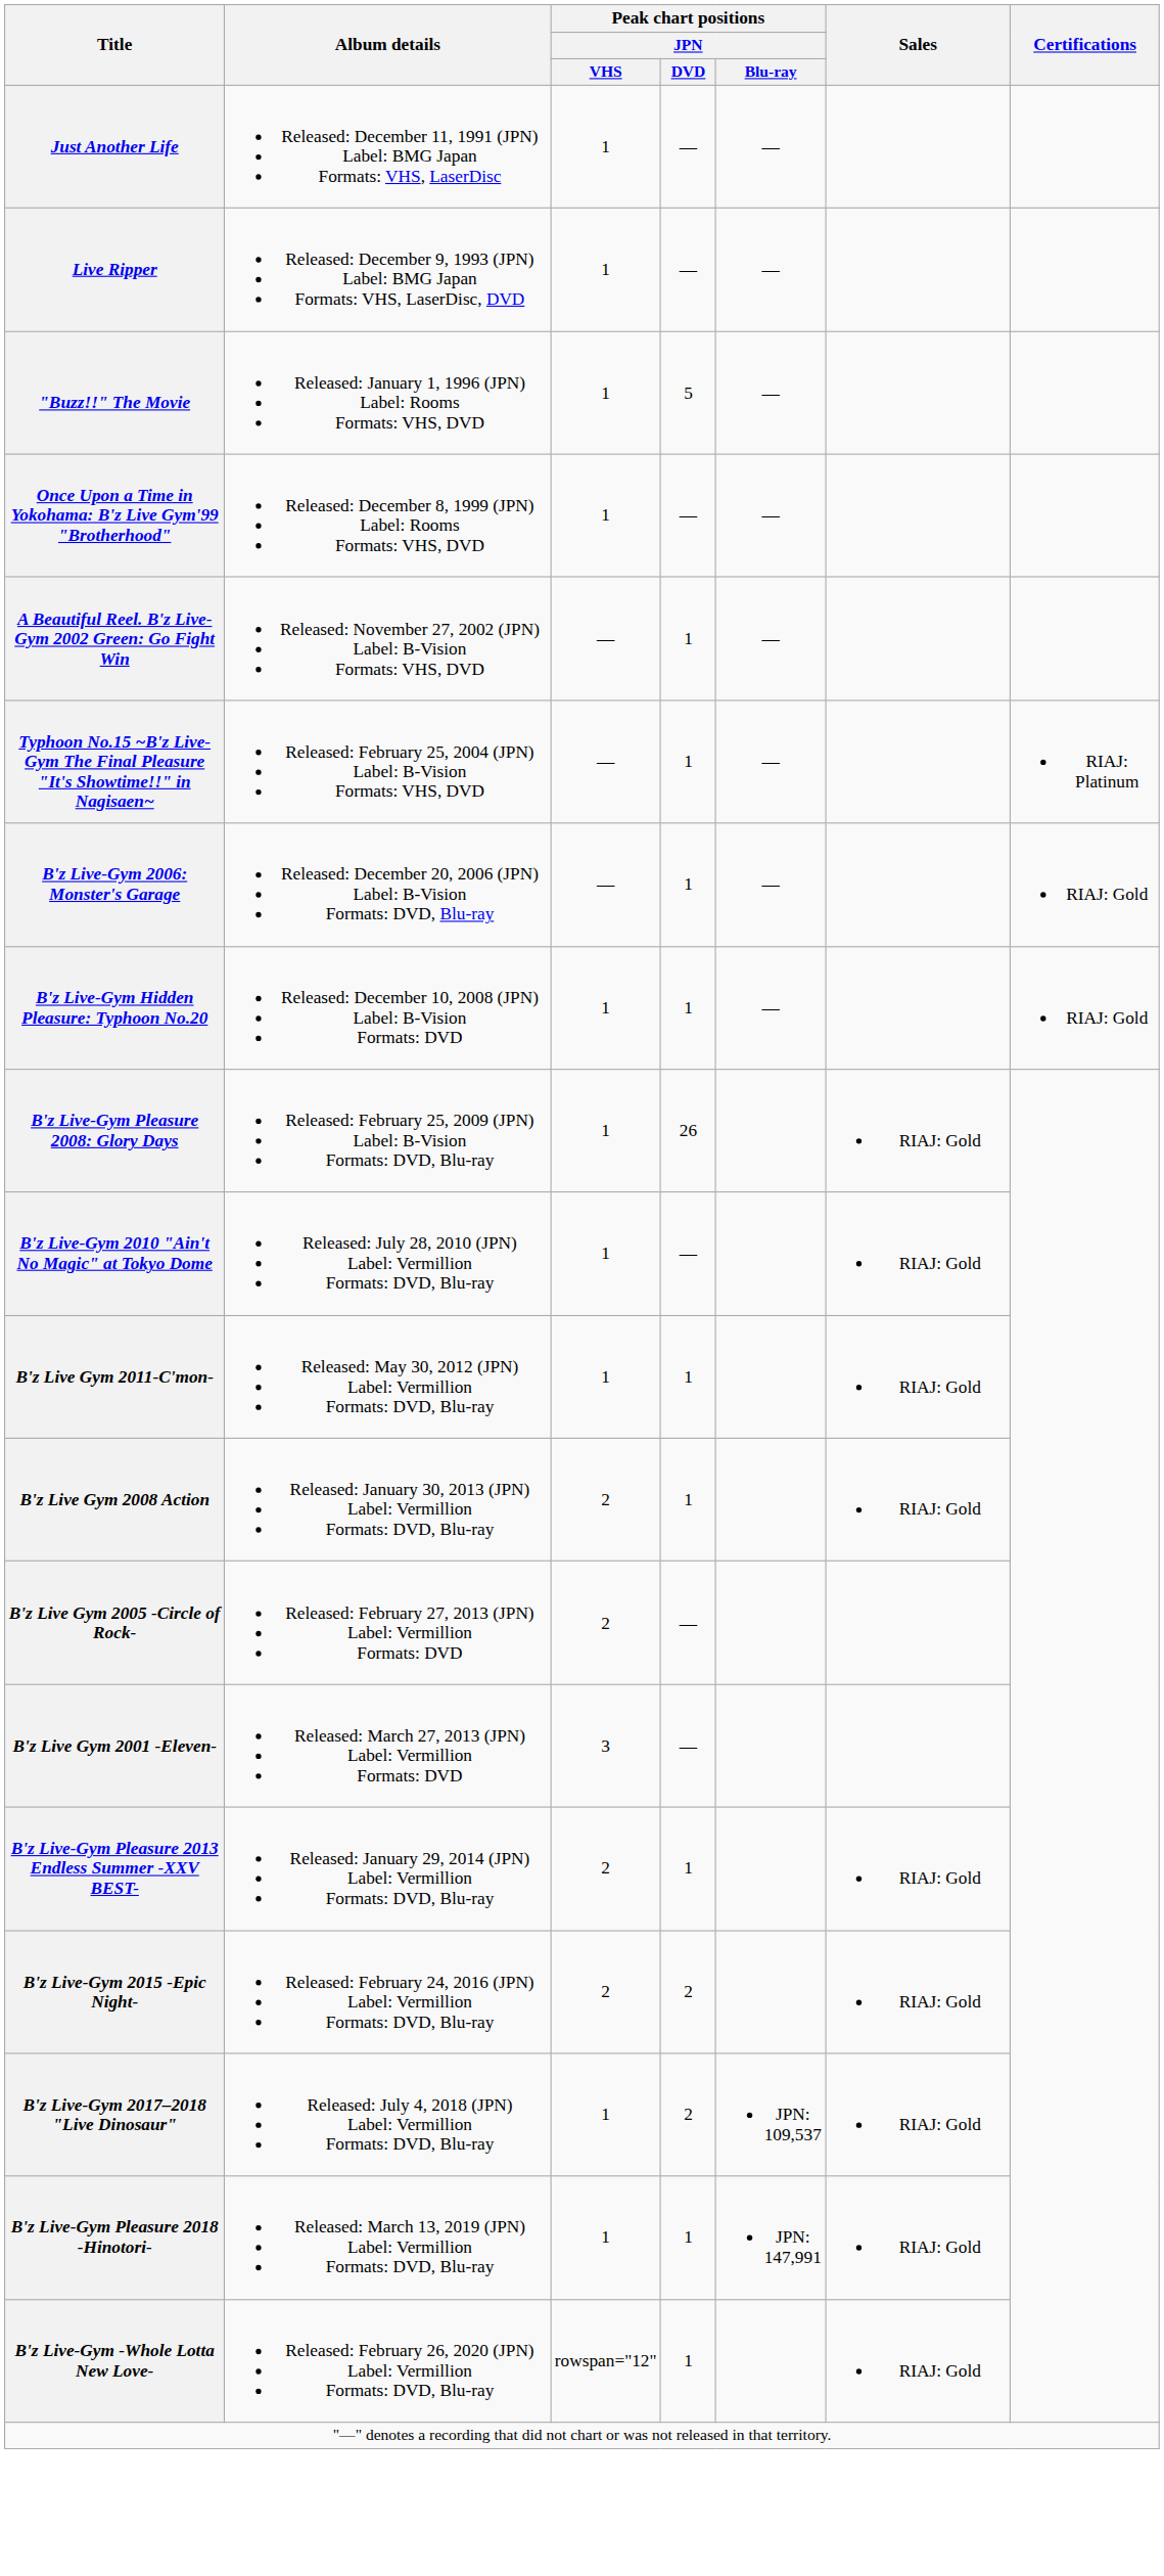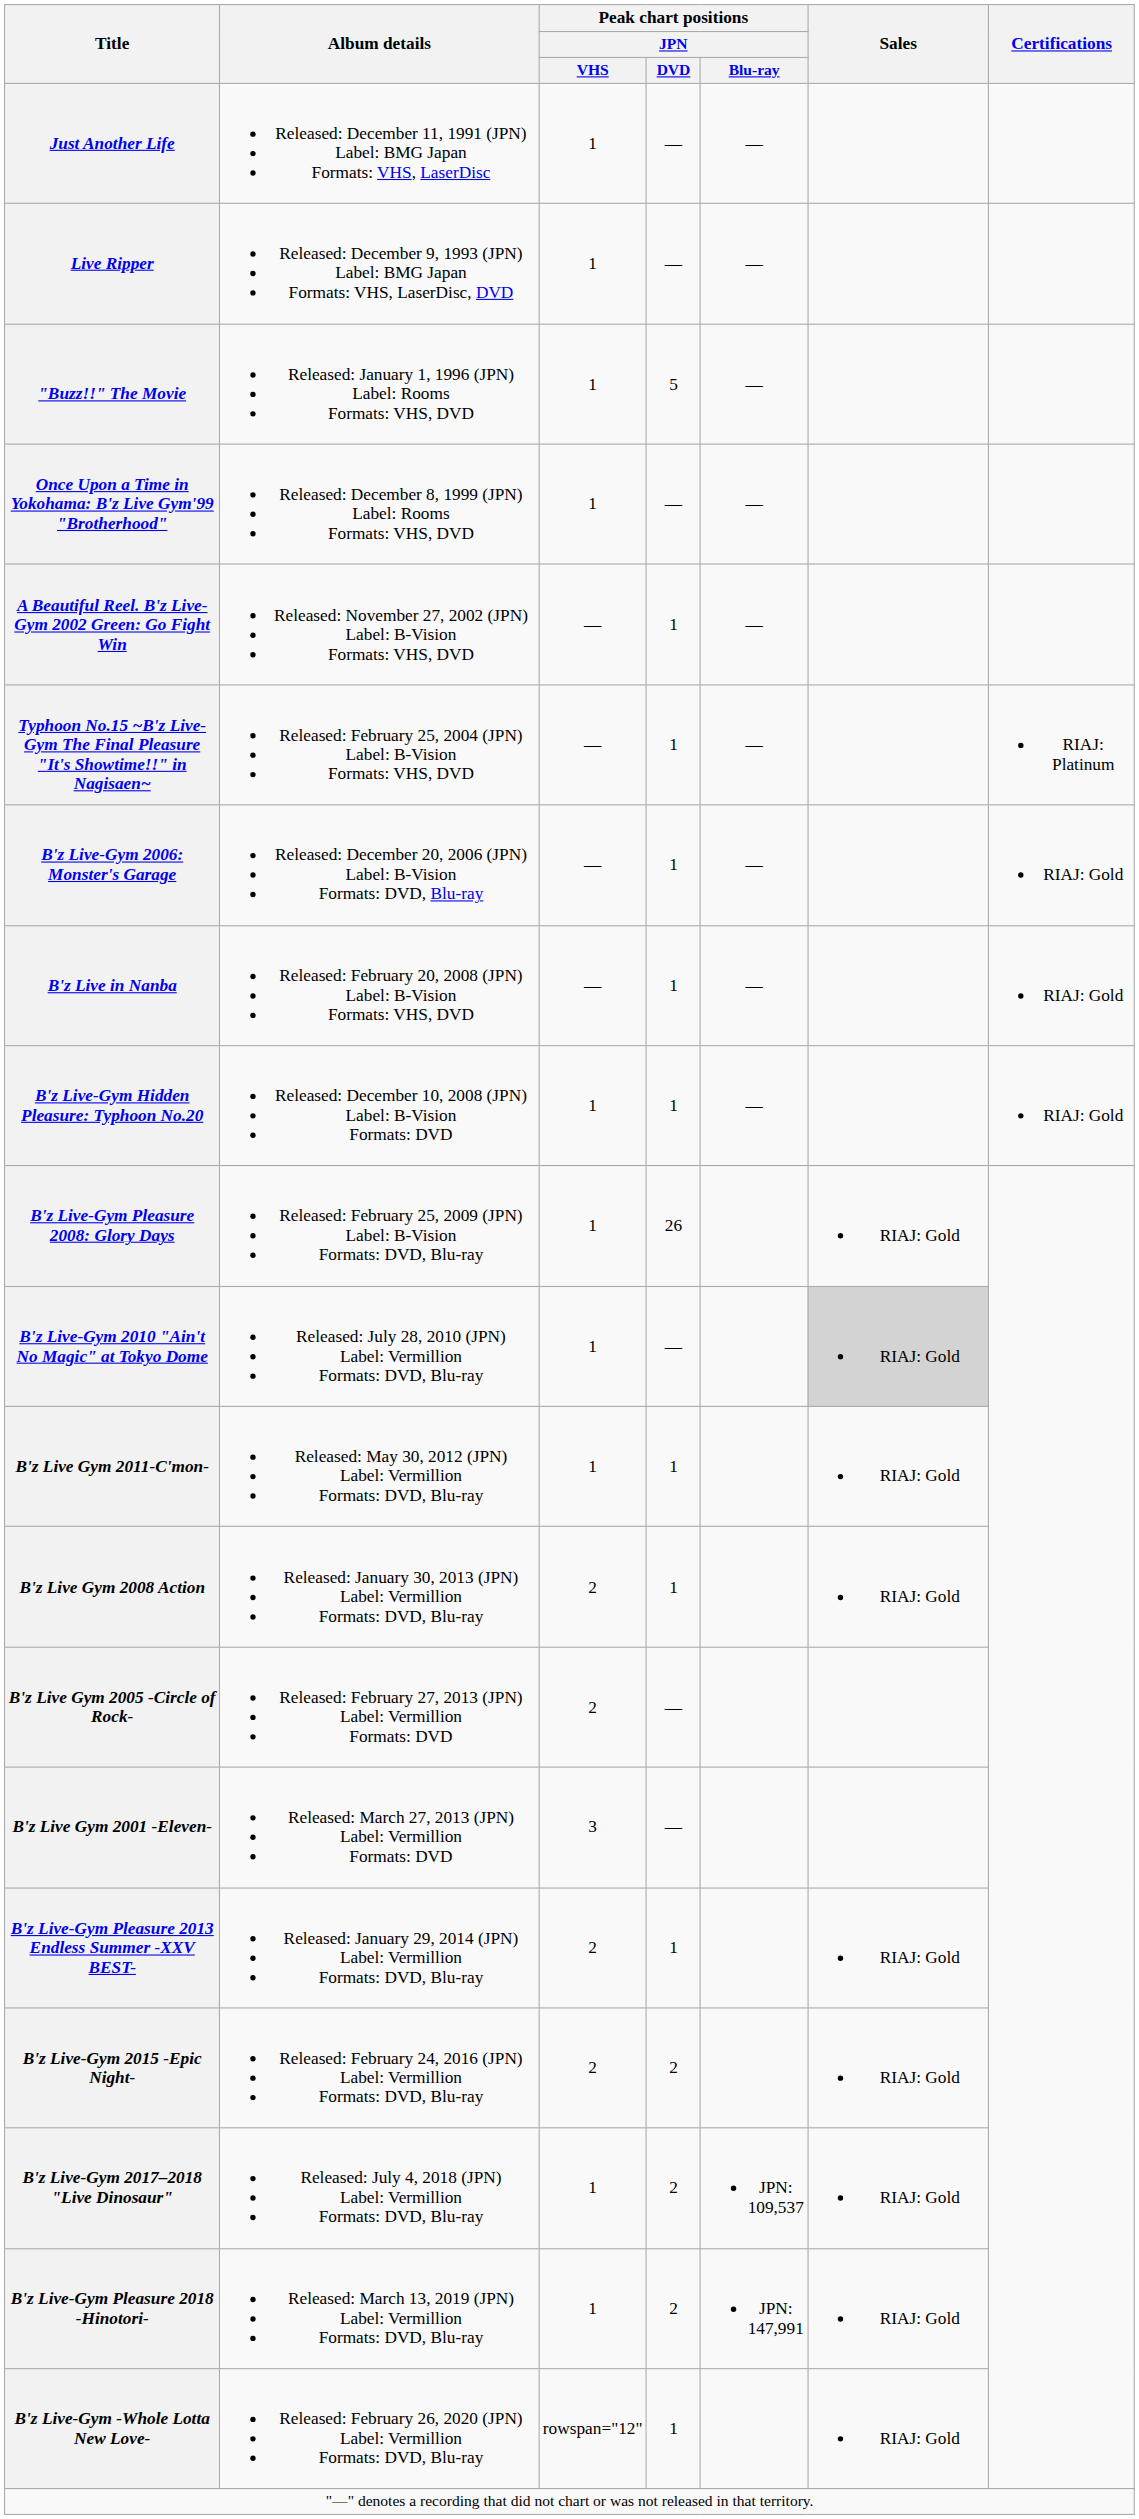 <table class="wikitable plainrowheaders" style="text-align:center;">
 <tr>
 <th scope="col" rowspan="3" style="width:12em;">Title</th>
 <th scope="col" rowspan="3" style="width:18em;">Album details</th>
 <th scope="col" colspan="3">Peak chart positions</th>
 <th scope="col" rowspan="3" style="width:10em;">Sales</th>
 <th scope="col" rowspan="3" style="width:8em;"><a href='#'>Certifications</a></th>
 </tr>
 <tr>
 <th scope="col" style="width:3em; font-size:90%" colspan="3"><a href='#'>JPN</a></th>
 </tr>
 <tr>
 <th style="width:3em; font-size:90%"><a href='#'>VHS</a></th>
 <th style="width:3em; font-size:90%"><a href='#'>DVD</a><br></th>
 <th style="width:3em; font-size:90%"><a href='#'>Blu-ray</a><br></th>
 </tr>
 <tr>
 <th scope="row"><em><a href='#'>Just Another Life</a></em></th>
 <td><br><ul><li>Released: December 11, 1991 (JPN)</li><li>Label: BMG Japan</li><li>Formats: <a href='#'>VHS</a>, <a href='#'>LaserDisc</a></li></ul></td>
 <td>1</td>
 <td>—</td>
 <td>—</td>
 <td></td>
 <td></td>
 </tr>
 <tr>
 <th scope="row"><em><a href='#'>Live Ripper</a></em></th>
 <td><br><ul><li>Released: December 9, 1993 (JPN)</li><li>Label: BMG Japan</li><li>Formats: VHS, LaserDisc, <a href='#'>DVD</a></li></ul></td>
 <td>1</td>
 <td>—</td>
 <td>—</td>
 <td></td>
 <td></td>
 </tr>
 <tr>
 <th scope="row"><br><em><a href='#'>"Buzz!!" The Movie</a></em></th>
 <td><br><ul><li>Released: January 1, 1996 (JPN)</li><li>Label: Rooms</li><li>Formats: VHS, DVD</li></ul></td>
 <td>1</td>
 <td>5</td>
 <td>—</td>
 <td></td>
 <td></td>
 </tr>
 <tr>
 <th scope="row"><em><a href='#'>Once Upon a Time in Yokohama: B'z Live Gym'99 "Brotherhood"</a></em></th>
 <td><br><ul><li>Released: December 8, 1999 (JPN)</li><li>Label: Rooms</li><li>Formats: VHS, DVD</li></ul></td>
 <td>1</td>
 <td>—</td>
 <td>—</td>
 <td></td>
 <td></td>
 </tr>
 <tr>
 <th scope="row"><em><a href='#'>A Beautiful Reel. B'z Live-Gym 2002 Green: Go Fight Win</a></em></th>
 <td><br><ul><li>Released: November 27, 2002 (JPN)</li><li>Label: B-Vision</li><li>Formats: VHS, DVD</li></ul></td>
 <td>—</td>
 <td>1</td>
 <td>—</td>
 <td></td>
 <td></td>
 </tr>
 <tr>
 <th scope="row"><br><em><a href='#'>Typhoon No.15 ~B'z Live-Gym The Final Pleasure "It's Showtime!!" in Nagisaen~</a></em></th>
 <td><br><ul><li>Released: February 25, 2004 (JPN)</li><li>Label: B-Vision</li><li>Formats: VHS, DVD</li></ul></td>
 <td>—</td>
 <td>1</td>
 <td>—</td>
 <td></td>
 <td><br><ul><li>RIAJ: Platinum</li></ul></td>
 </tr>
 <tr>
 <th scope="row"><em><a href='#'>B'z Live-Gym 2006: Monster's Garage</a></em></th>
 <td><br><ul><li>Released: December 20, 2006 (JPN)</li><li>Label: B-Vision</li><li>Formats: DVD, <a href='#'>Blu-ray</a></li></ul></td>
 <td>—</td>
 <td>1</td>
 <td>—</td>
 <td></td>
 <td><br><ul><li>RIAJ: Gold</li></ul></td>
 </tr>
 <tr>
+<th scope="row"><em><a href='#'>B'z Live in Nanba</a></em></th>
+<td><br><ul><li>Released: February 20, 2008 (JPN)</li><li>Label: B-Vision</li><li>Formats: VHS, DVD</li></ul></td>
+<td>—</td>
+<td>1</td>
+<td>—</td>
+<td></td>
+<td><br><ul><li>RIAJ: Gold</li></ul></td>
+</tr>
+<tr>
 <th scope="row"><em><a href='#'>B'z Live-Gym Hidden Pleasure: Typhoon No.20</a></em></th>
 <td><br><ul><li>Released: December 10, 2008 (JPN)</li><li>Label: B-Vision</li><li>Formats: DVD</li></ul></td>
 <td>1</td>
 <td>1</td>
 <td>—</td>
 <td></td>
 <td><br><ul><li>RIAJ: Gold</li></ul></td>
 </tr>
 <tr>
 <th scope="row"><em><a href='#'>B'z Live-Gym Pleasure 2008: Glory Days</a></em></th>
 <td><br><ul><li>Released: February 25, 2009 (JPN)</li><li>Label: B-Vision</li><li>Formats: DVD, Blu-ray</li></ul></td>
 <td>1</td>
 <td>26</td>
 <td></td>
 <td><br><ul><li>RIAJ: Gold</li></ul></td>
 </tr>
 <tr>
 <th scope="row"><em><a href='#'>B'z Live-Gym 2010 "Ain't No Magic" at Tokyo Dome</a></em></th>
 <td><br><ul><li>Released: July 28, 2010 (JPN)</li><li>Label: Vermillion</li><li>Formats: DVD, Blu-ray</li></ul></td>
 <td>1</td>
 <td>—</td>
 <td></td>
-<td><br><ul><li>RIAJ: Gold</li></ul></td>
+<td style="background: lightgrey;"><br><ul><li>RIAJ: Gold</li></ul></td>
 </tr>
 <tr>
 <th scope="row"><em>B'z Live Gym 2011-C'mon-</em></th>
 <td><br><ul><li>Released: May 30, 2012 (JPN)</li><li>Label: Vermillion</li><li>Formats: DVD, Blu-ray</li></ul></td>
 <td>1</td>
 <td>1</td>
 <td></td>
 <td><br><ul><li>RIAJ: Gold</li></ul></td>
 </tr>
 <tr>
 <th scope="row"><em>B'z Live Gym 2008 Action</em></th>
 <td><br><ul><li>Released: January 30, 2013 (JPN)</li><li>Label: Vermillion</li><li>Formats: DVD, Blu-ray</li></ul></td>
 <td>2</td>
 <td>1</td>
 <td></td>
 <td><br><ul><li>RIAJ: Gold</li></ul></td>
 </tr>
 <tr>
 <th scope="row"><em>B'z Live Gym 2005 -Circle of Rock-</em></th>
 <td><br><ul><li>Released: February 27, 2013 (JPN)</li><li>Label: Vermillion</li><li>Formats: DVD</li></ul></td>
 <td>2</td>
 <td>—</td>
 <td></td>
 <td></td>
 </tr>
 <tr>
 <th scope="row"><em>B'z Live Gym 2001 -Eleven-</em></th>
 <td><br><ul><li>Released: March 27, 2013 (JPN)</li><li>Label: Vermillion</li><li>Formats: DVD</li></ul></td>
 <td>3</td>
 <td>—</td>
 <td></td>
 <td></td>
 </tr>
 <tr>
 <th scope="row"><em><a href='#'>B'z Live-Gym Pleasure 2013 Endless Summer -XXV BEST-</a></em></th>
 <td><br><ul><li>Released: January 29, 2014 (JPN)</li><li>Label: Vermillion</li><li>Formats: DVD, Blu-ray</li></ul></td>
 <td>2</td>
 <td>1</td>
 <td></td>
 <td><br><ul><li>RIAJ: Gold</li></ul></td>
 </tr>
 <tr>
 <th scope="row"><em>B'z Live-Gym 2015 -Epic Night-</em></th>
 <td><br><ul><li>Released: February 24, 2016 (JPN)</li><li>Label: Vermillion</li><li>Formats: DVD, Blu-ray</li></ul></td>
 <td>2</td>
 <td>2</td>
 <td></td>
 <td><br><ul><li>RIAJ: Gold</li></ul></td>
 </tr>
 <tr>
 <th scope="row"><em>B'z Live-Gym 2017–2018 "Live Dinosaur"</em></th>
 <td><br><ul><li>Released: July 4, 2018 (JPN)</li><li>Label: Vermillion</li><li>Formats: DVD, Blu-ray</li></ul></td>
 <td>1</td>
 <td>2</td>
 <td><br><ul><li>JPN: 109,537</li></ul></td>
 <td><br><ul><li>RIAJ: Gold</li></ul></td>
 </tr>
 <tr>
 <th scope="row"><em>B'z Live-Gym Pleasure 2018 -Hinotori-</em></th>
 <td><br><ul><li>Released: March 13, 2019 (JPN)</li><li>Label: Vermillion</li><li>Formats: DVD, Blu-ray</li></ul></td>
 <td>1</td>
-<td>1</td>
+<td>2</td>
 <td><br><ul><li>JPN: 147,991</li></ul></td>
 <td><br><ul><li>RIAJ: Gold</li></ul></td>
 </tr>
 <tr>
 <th scope="row"><em>B'z Live-Gym -Whole Lotta New Love-</em></th>
 <td><br><ul><li>Released: February 26, 2020 (JPN)</li><li>Label: Vermillion</li><li>Formats: DVD, Blu-ray</li></ul></td>
 <td>rowspan="12" </td>
 <td>1</td>
 <td></td>
 <td><br><ul><li>RIAJ: Gold</li></ul></td>
 </tr>
 <tr>
 <td align="center" colspan="7" style="font-size:90%">"—" denotes a recording that did not chart or was not released in that territory.</td>
 </tr>
 </table>
